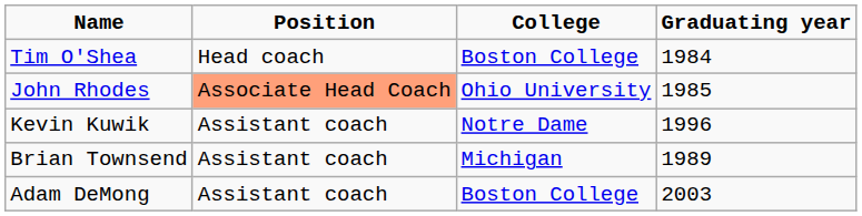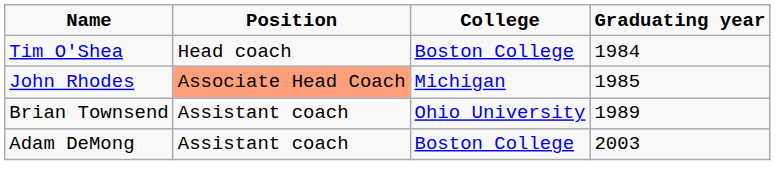 <table class="wikitable">
 <tr>
 <td align=center><span> <strong>Name</strong></span></td>
 <td align=center><span> <strong>Position</strong></span></td>
 <td align=center><span> <strong>College</strong></span></td>
 <td align=center><span> <strong>Graduating year</strong></span></td>
 </tr>
 <tr>
 <td><a href='#'>Tim O'Shea</a></td>
 <td>Head coach</td>
 <td><a href='#'>Boston College</a></td>
 <td>1984</td>
 </tr>
 <tr>
 <td><a href='#'>John Rhodes</a></td>
 <td style="background: lightsalmon;">Associate Head Coach</td>
-<td><a href='#'>Ohio University</a></td>
+<td><a href='#'>Michigan</a></td>
 <td>1985</td>
-</tr>
-<tr>
-<td>Kevin Kuwik</td>
-<td>Assistant coach</td>
-<td><a href='#'>Notre Dame</a></td>
-<td>1996</td>
 </tr>
 <tr>
 <td>Brian Townsend</td>
 <td>Assistant coach</td>
-<td><a href='#'>Michigan</a></td>
+<td><a href='#'>Ohio University</a></td>
 <td>1989</td>
 </tr>
 <tr>
 <td>Adam DeMong</td>
 <td>Assistant coach</td>
 <td><a href='#'>Boston College</a></td>
 <td>2003</td>
 </tr>
 </table>
